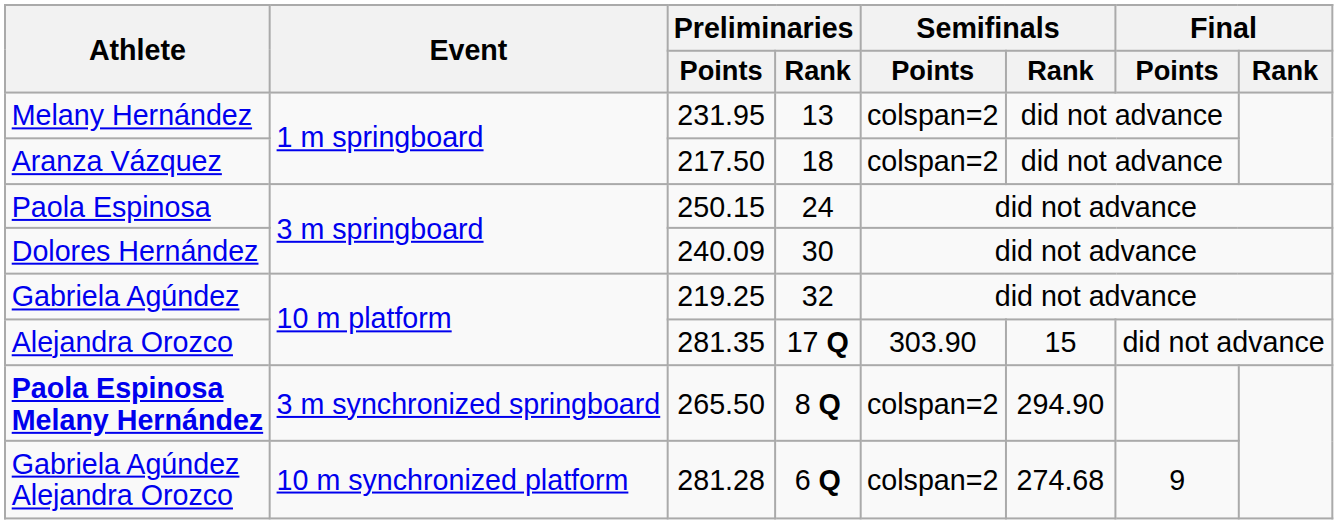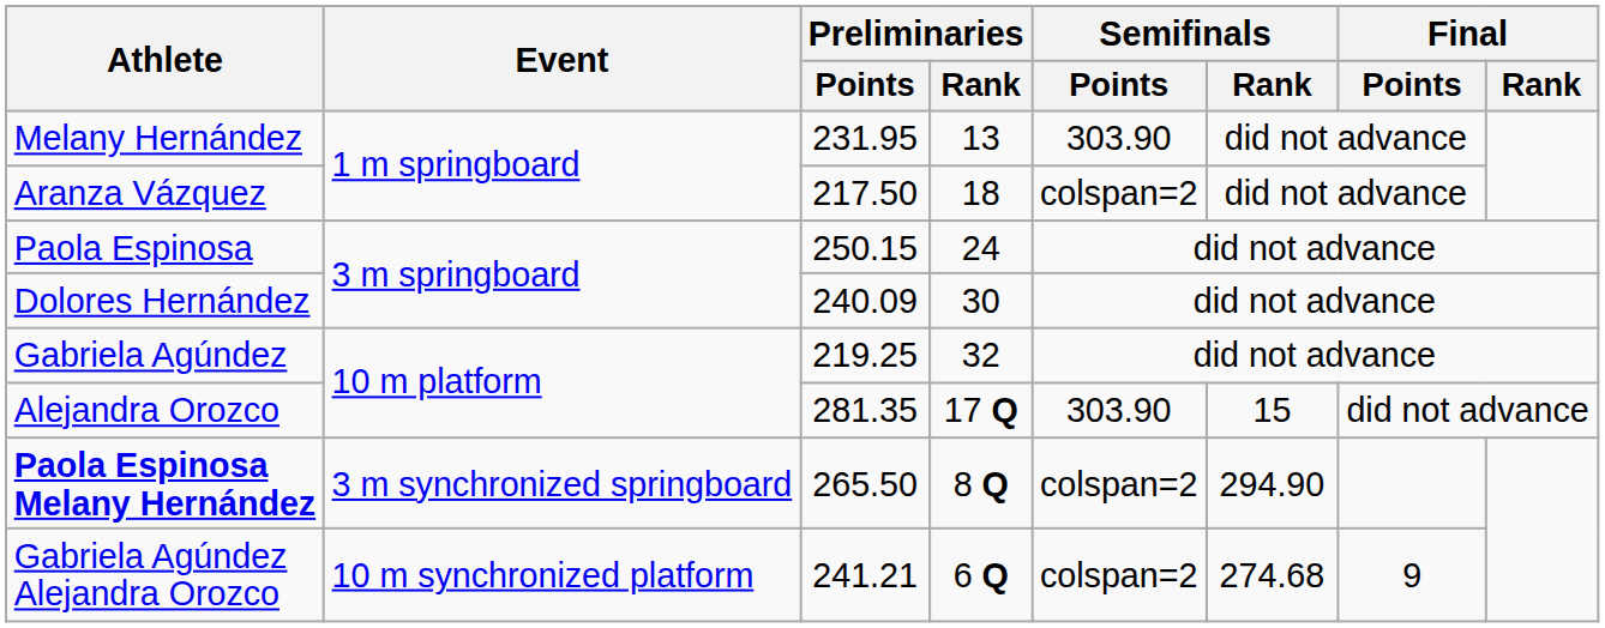 <table class="wikitable" style="text-align:center; font-size:90%">
 <tr>
 <th rowspan=2>Athlete</th>
 <th rowspan=2>Event</th>
 <th colspan=2>Preliminaries</th>
 <th colspan=2>Semifinals</th>
 <th colspan=2>Final</th>
 </tr>
 <tr style="font-size:95%">
 <th>Points</th>
 <th>Rank</th>
 <th>Points</th>
 <th>Rank</th>
 <th>Points</th>
 <th>Rank</th>
 </tr>
 <tr>
 <td align=left><a href='#'>Melany Hernández</a></td>
 <td align=left rowspan=2><a href='#'>1 m springboard</a></td>
 <td>231.95</td>
 <td>13</td>
-<td>colspan=2 </td>
+<td>303.90</td>
 <td colspan=2>did not advance</td>
 </tr>
 <tr>
 <td align=left><a href='#'>Aranza Vázquez</a></td>
 <td>217.50</td>
 <td>18</td>
 <td>colspan=2 </td>
 <td colspan=2>did not advance</td>
 </tr>
 <tr>
 <td align=left><a href='#'>Paola Espinosa</a></td>
 <td align=left rowspan=2><a href='#'>3 m springboard</a></td>
 <td>250.15</td>
 <td>24</td>
 <td colspan=4>did not advance</td>
 </tr>
 <tr>
 <td align=left><a href='#'>Dolores Hernández</a></td>
 <td>240.09</td>
 <td>30</td>
 <td colspan=4>did not advance</td>
 </tr>
 <tr>
 <td align=left><a href='#'>Gabriela Agúndez</a></td>
 <td align=left rowspan=2><a href='#'>10 m platform</a></td>
 <td>219.25</td>
 <td>32</td>
 <td colspan=4>did not advance</td>
 </tr>
 <tr>
 <td align=left><a href='#'>Alejandra Orozco</a></td>
 <td>281.35</td>
 <td>17 <strong>Q</strong></td>
 <td>303.90</td>
 <td>15</td>
 <td colspan=2>did not advance</td>
 </tr>
 <tr>
 <td align=left><strong><a href='#'>Paola Espinosa</a><br><a href='#'>Melany Hernández</a></strong></td>
 <td align=left><a href='#'>3 m synchronized springboard</a></td>
 <td>265.50</td>
 <td>8 <strong>Q</strong></td>
 <td>colspan=2 </td>
 <td>294.90</td>
 <td></td>
 </tr>
 <tr>
 <td align=left><a href='#'>Gabriela Agúndez</a><br><a href='#'>Alejandra Orozco</a></td>
 <td align=left><a href='#'>10 m synchronized platform</a></td>
-<td>281.28</td>
+<td>241.21</td>
 <td>6 <strong>Q</strong></td>
 <td>colspan=2 </td>
 <td>274.68</td>
 <td>9</td>
 </tr>
 </table>
